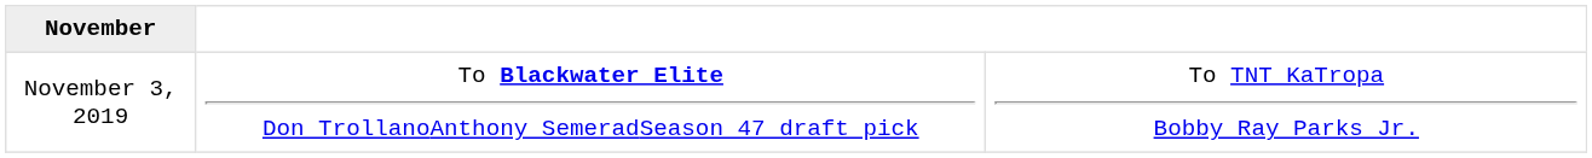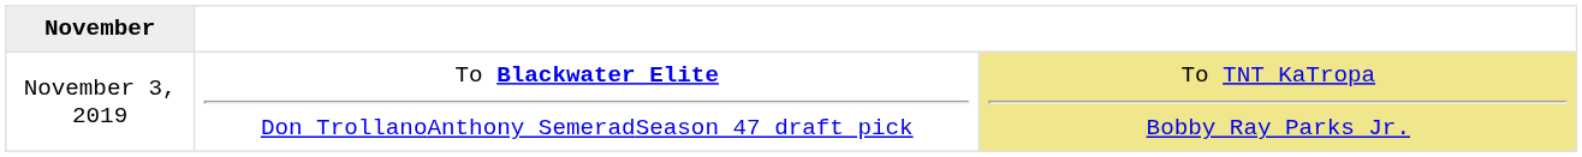 <table border=1 style="border-collapse:collapse; text-align: center; width: 100%" bordercolor="#DFDFDF"  cellpadding="5">
 <tr bgcolor="eeeeee">
 <th>November</th>
 </tr>
 <tr>
 <td style="width:12%" rowspan=1>November 3, 2019</td>
 <td style="width:50%" valign="top">To <strong><a href='#'>Blackwater Elite</a></strong><hr><a href='#'>Don Trollano</a><a href='#'>Anthony Semerad</a><a href='#'>Season 47 draft pick</a></td>
-<td style="width:50%" valign="top">To <a href='#'>TNT KaTropa</a><hr><a href='#'>Bobby Ray Parks Jr.</a></td>
+<td style="background: khaki; width:50%" valign="top">To <a href='#'>TNT KaTropa</a><hr><a href='#'>Bobby Ray Parks Jr.</a></td>
 </tr>
 </table>
